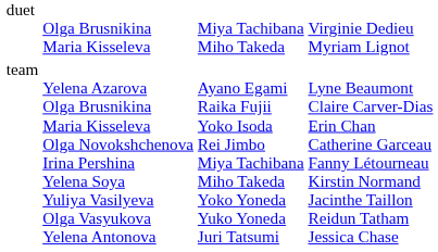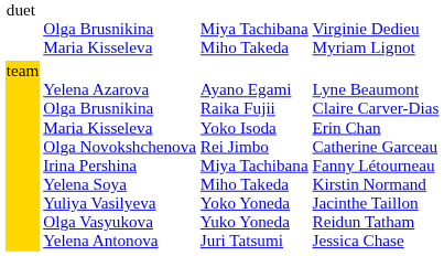 <table>
 <tr valign="top">
 <td>duet<br></td>
 <td><br><a href='#'>Olga Brusnikina</a><br><a href='#'>Maria Kisseleva</a></td>
 <td><br><a href='#'>Miya Tachibana</a><br><a href='#'>Miho Takeda</a></td>
 <td><br><a href='#'>Virginie Dedieu</a><br><a href='#'>Myriam Lignot</a></td>
 </tr>
 <tr valign="top">
-<td>team<br></td>
+<td style="background: gold;">team<br></td>
 <td><br><a href='#'>Yelena Azarova</a><br><a href='#'>Olga Brusnikina</a><br><a href='#'>Maria Kisseleva</a><br><a href='#'>Olga Novokshchenova</a><br><a href='#'>Irina Pershina</a><br><a href='#'>Yelena Soya</a><br><a href='#'>Yuliya Vasilyeva</a><br><a href='#'>Olga Vasyukova</a><br><a href='#'>Yelena Antonova</a></td>
 <td><br><a href='#'>Ayano Egami</a><br><a href='#'>Raika Fujii</a><br><a href='#'>Yoko Isoda</a><br><a href='#'>Rei Jimbo</a><br><a href='#'>Miya Tachibana</a><br><a href='#'>Miho Takeda</a><br><a href='#'>Yoko Yoneda</a><br><a href='#'>Yuko Yoneda</a><br><a href='#'>Juri Tatsumi</a></td>
 <td><br><a href='#'>Lyne Beaumont</a><br><a href='#'>Claire Carver-Dias</a><br><a href='#'>Erin Chan</a><br><a href='#'>Catherine Garceau</a><br><a href='#'>Fanny Létourneau</a><br><a href='#'>Kirstin Normand</a><br><a href='#'>Jacinthe Taillon</a><br><a href='#'>Reidun Tatham</a><br><a href='#'>Jessica Chase</a></td>
 </tr>
 </table>
